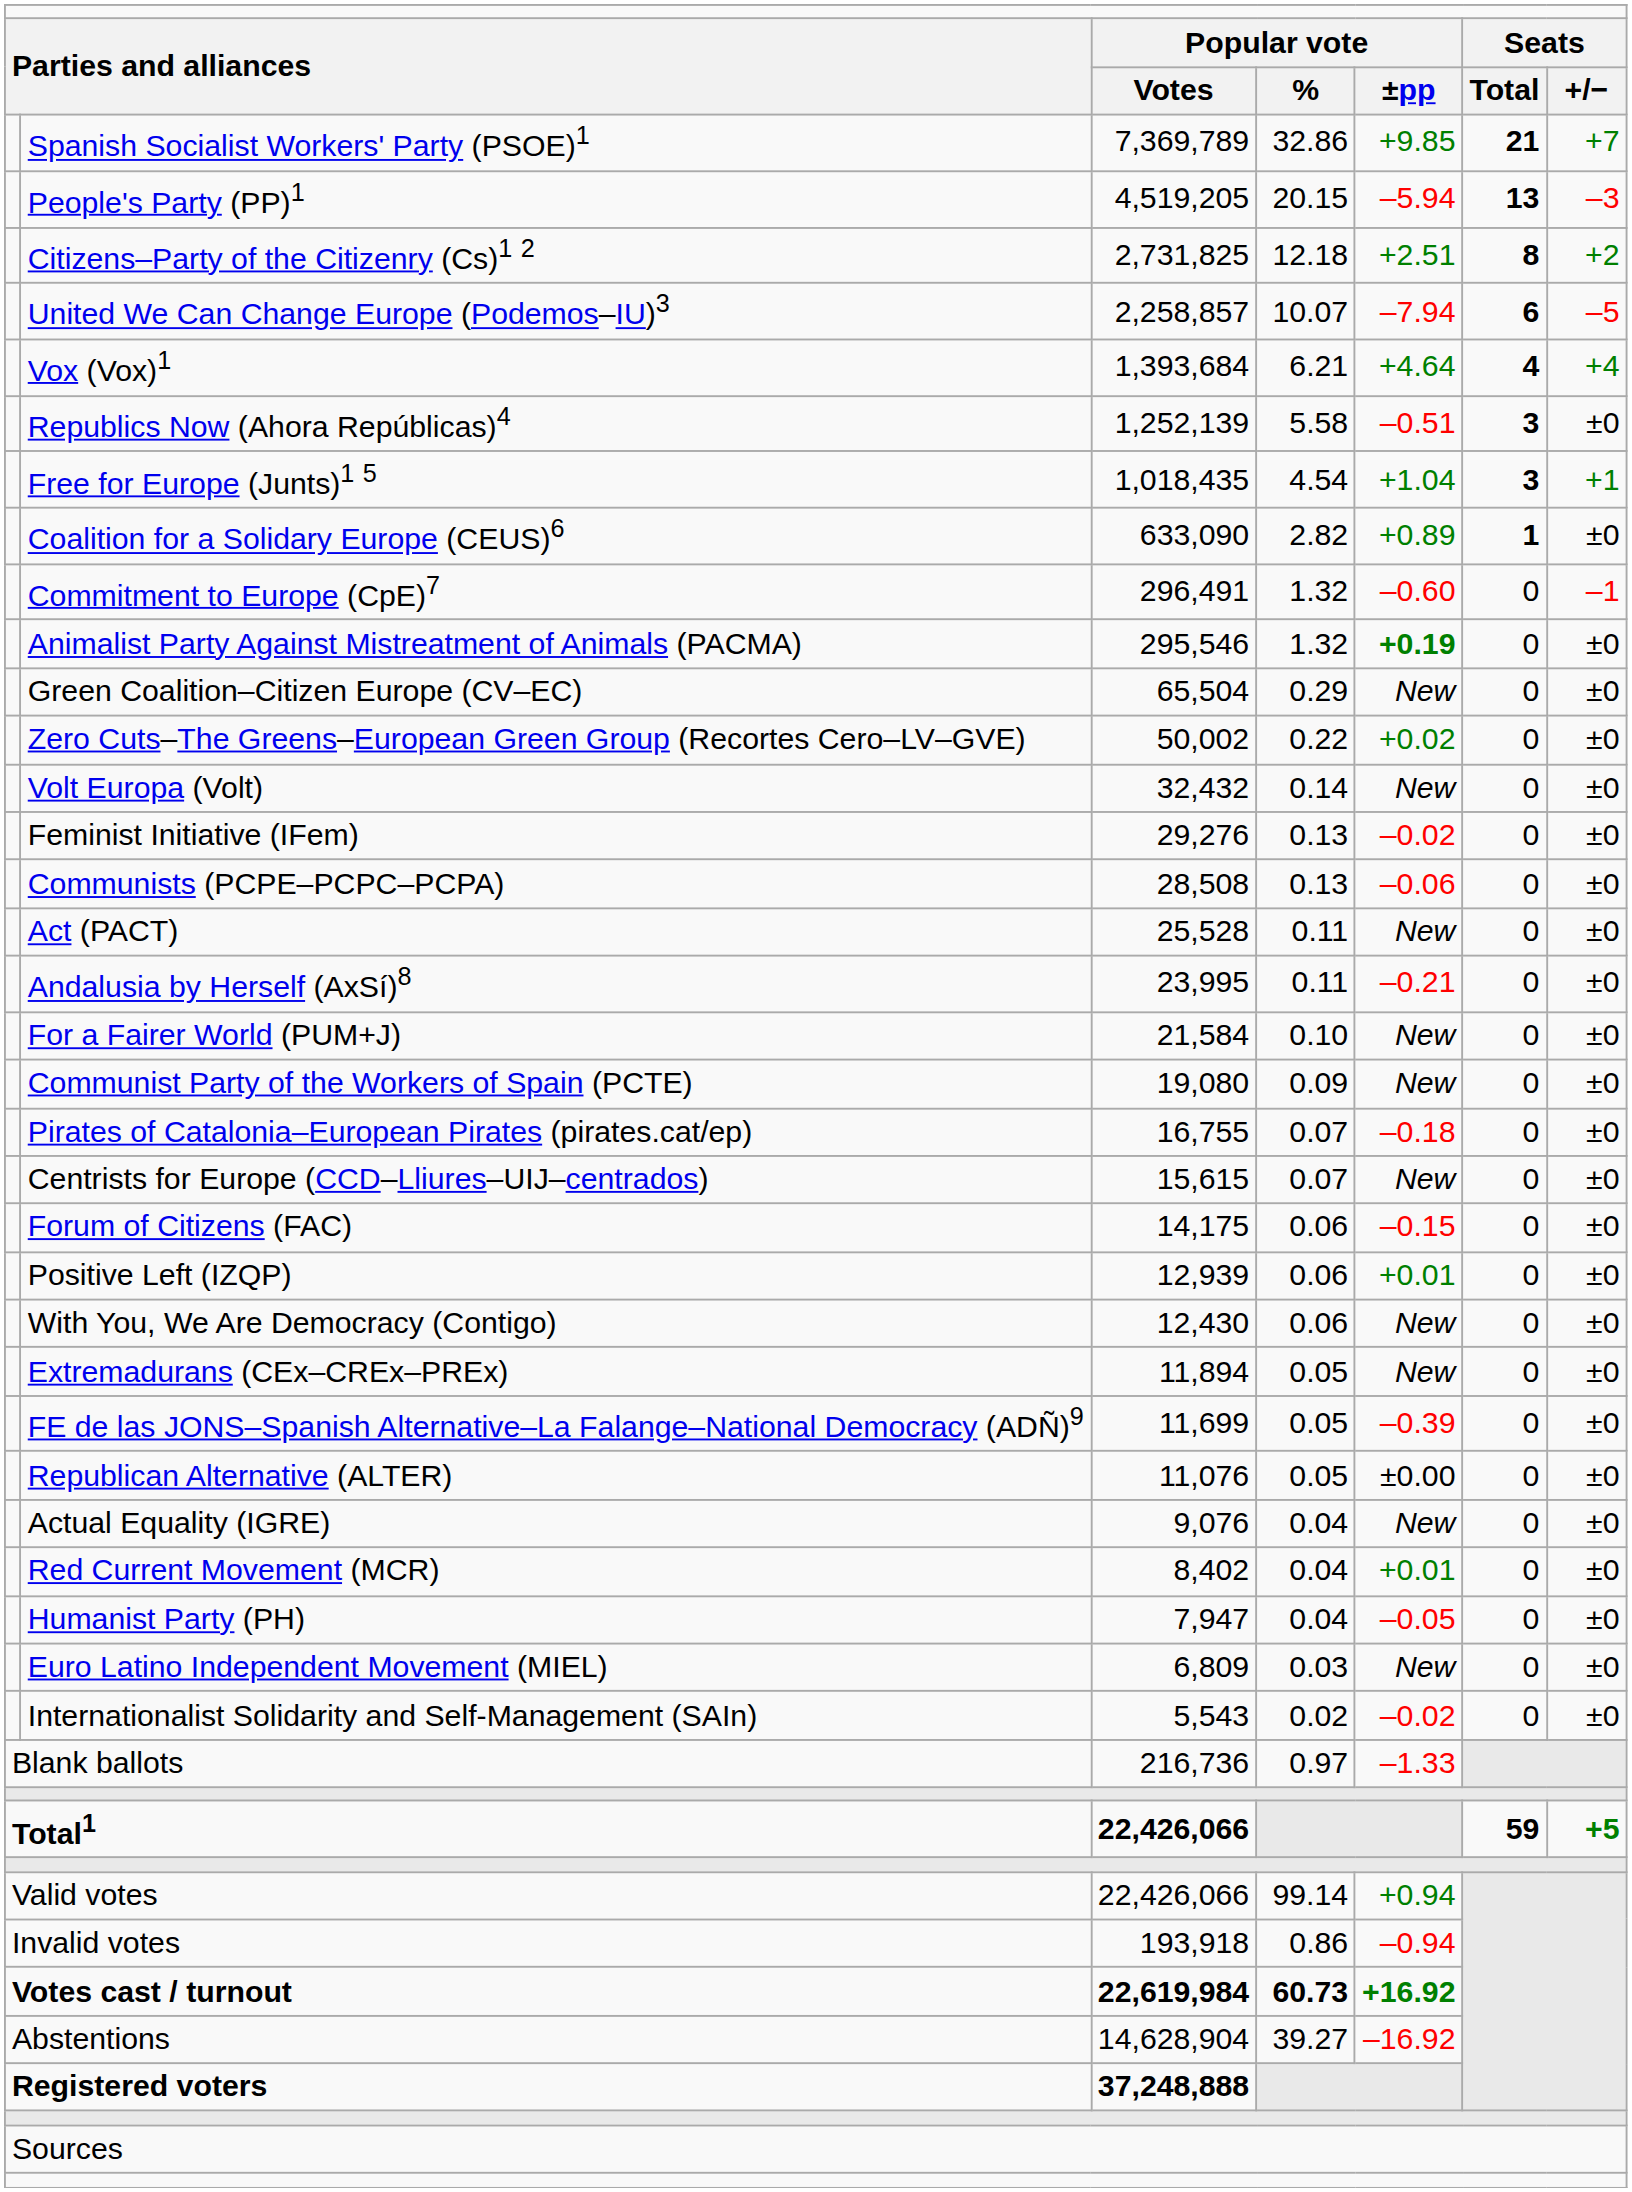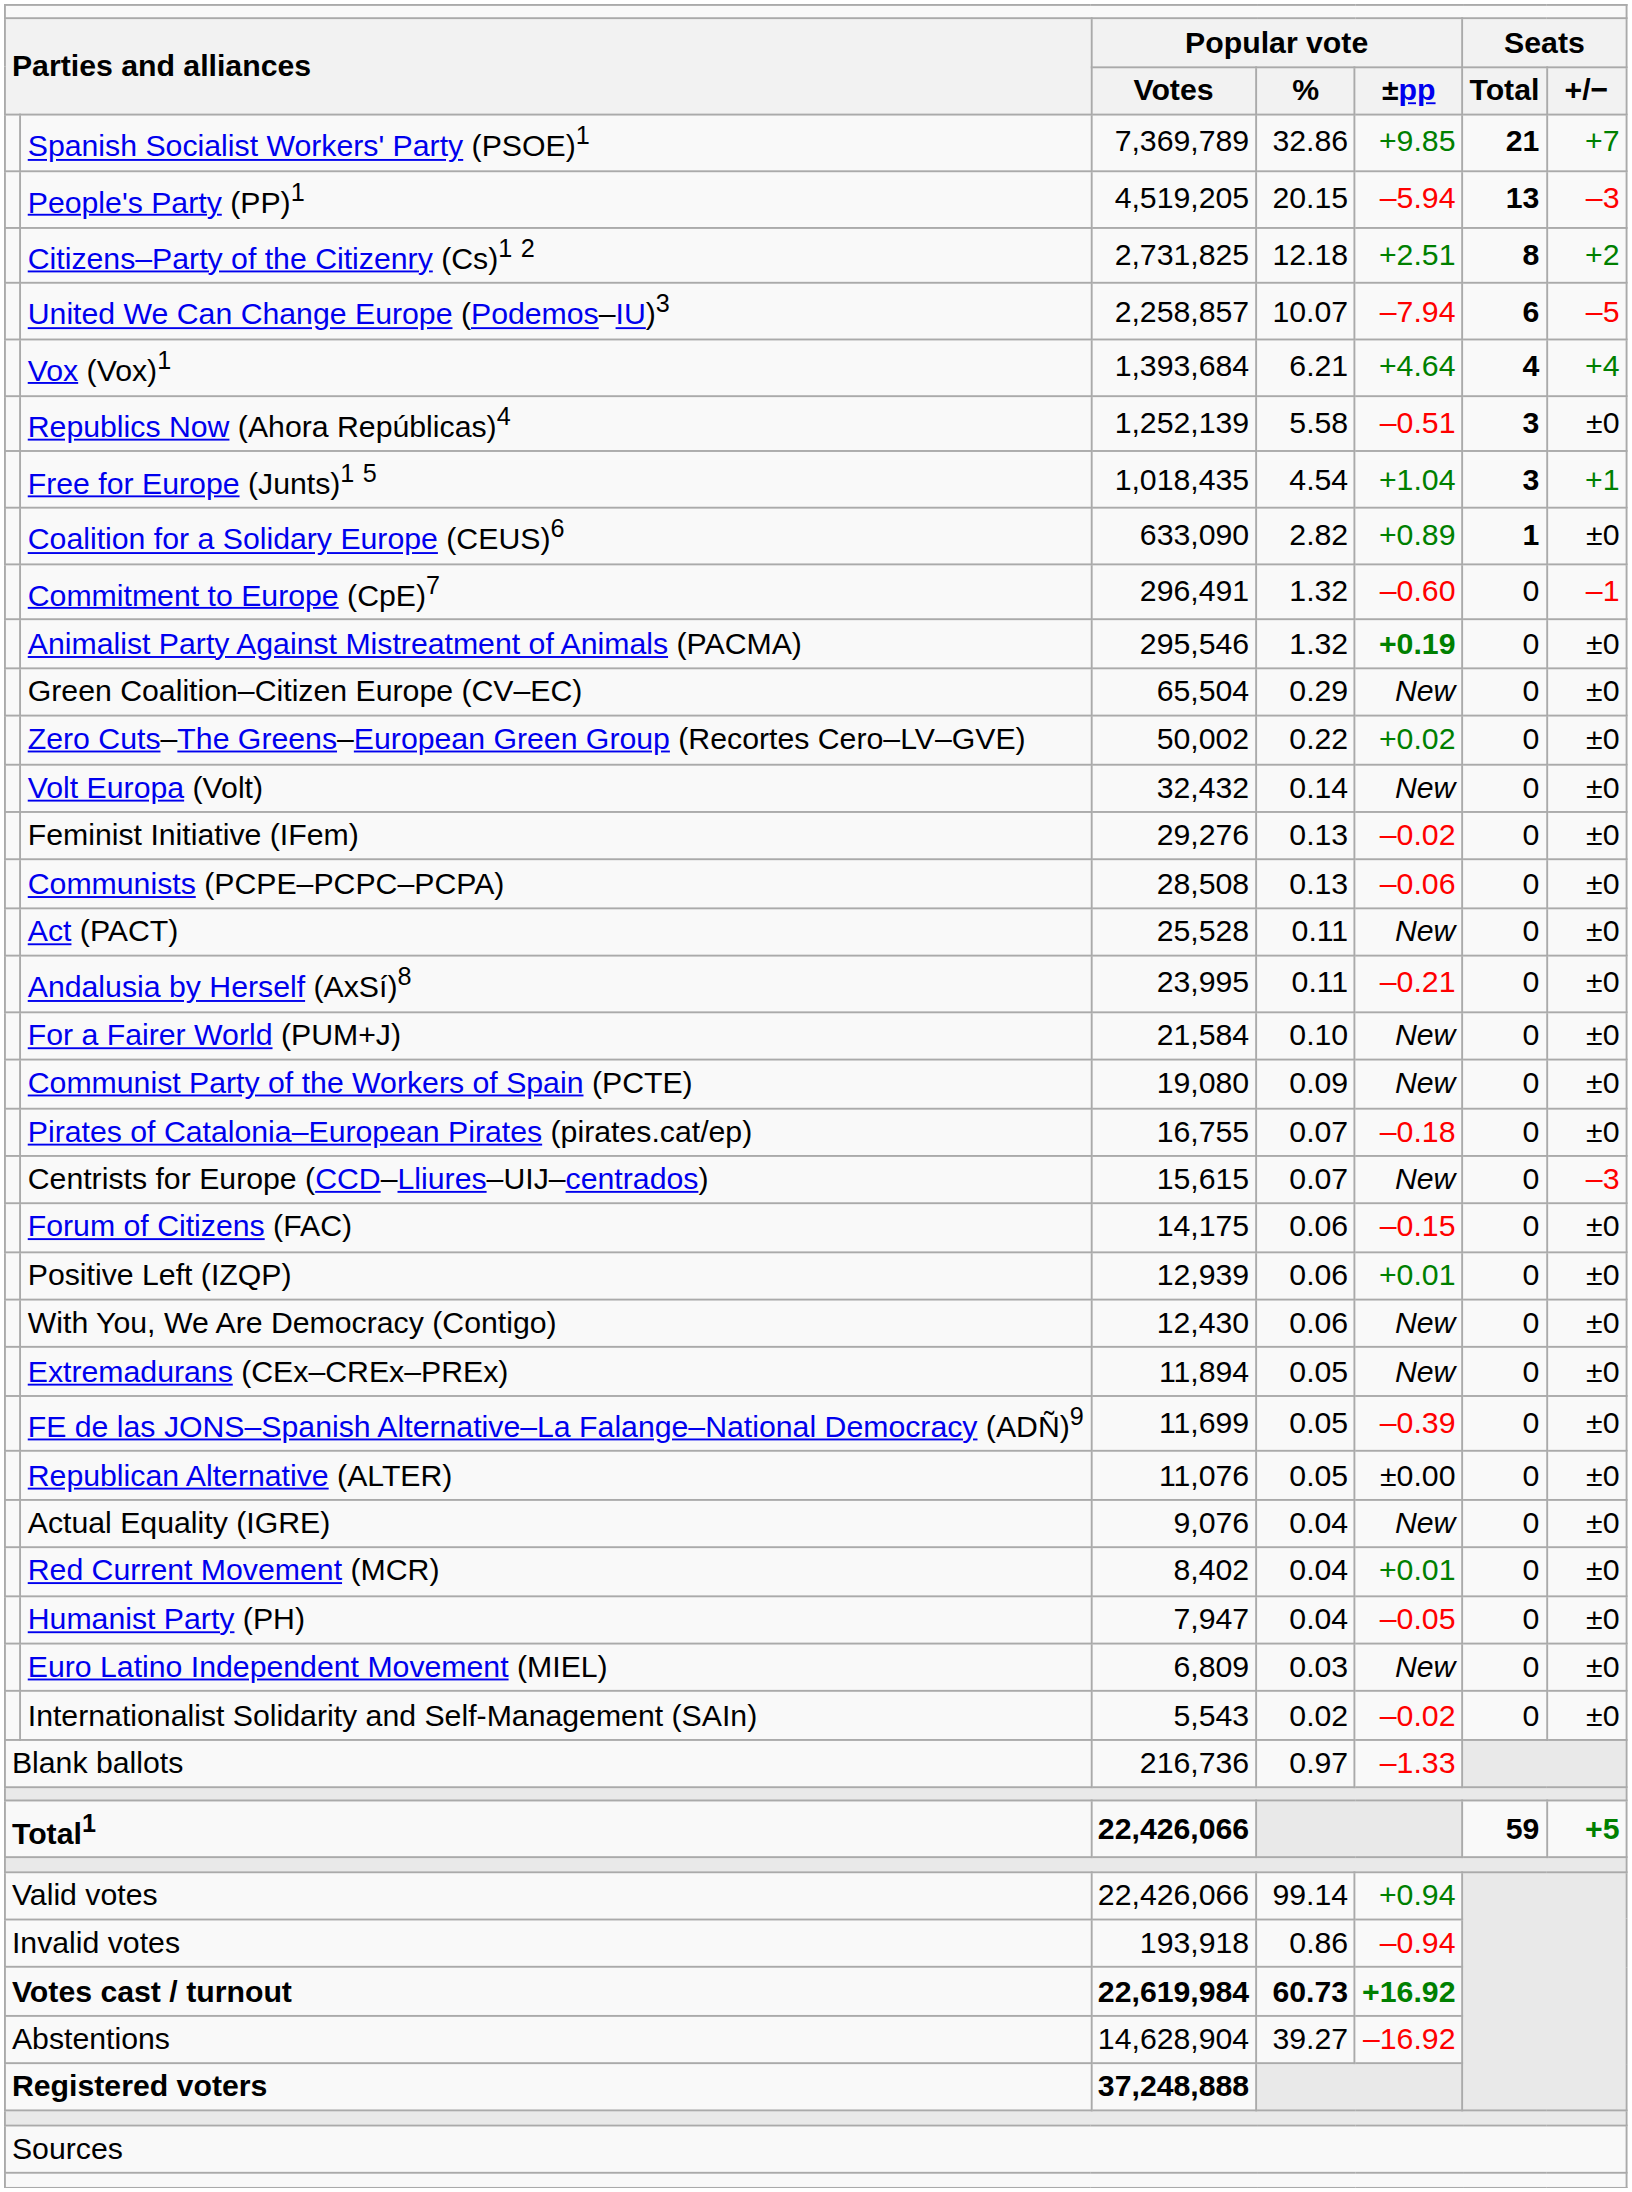 <table class="wikitable" style="text-align:right;">
 <tr>
 <td colspan="7"></td>
 </tr>
 <tr>
 <th style="text-align:left;" rowspan="2" colspan="2" width="525">Parties and alliances</th>
 <th colspan="3">Popular vote</th>
 <th colspan="2">Seats</th>
 </tr>
 <tr>
 <th width="75">Votes</th>
 <th width="45">%</th>
 <th width="45">±<a href='#'>pp</a></th>
 <th width="35">Total</th>
 <th width="35">+/−</th>
 </tr>
 <tr>
 <td width="1" style="color:inherit;background:"></td>
 <td align="left"><a href='#'>Spanish Socialist Workers' Party</a> (PSOE)<sup>1</sup></td>
 <td>7,369,789</td>
 <td>32.86</td>
 <td style="color:green;">+9.85</td>
 <td><strong>21</strong></td>
 <td style="color:green;">+7</td>
 </tr>
 <tr>
 <td style="color:inherit;background:"></td>
 <td align="left"><a href='#'>People's Party</a> (PP)<sup>1</sup></td>
 <td>4,519,205</td>
 <td>20.15</td>
 <td style="color:red;">–5.94</td>
 <td><strong>13</strong></td>
 <td style="color:red;">–3</td>
 </tr>
 <tr>
 <td style="color:inherit;background:"></td>
 <td align="left"><a href='#'>Citizens–Party of the Citizenry</a> (Cs)<sup>1</sup> <sup>2</sup></td>
 <td>2,731,825</td>
 <td>12.18</td>
 <td style="color:green;">+2.51</td>
 <td><strong>8</strong></td>
 <td style="color:green;">+2</td>
 </tr>
 <tr>
 <td style="color:inherit;background:"></td>
 <td align="left"><a href='#'>United We Can Change Europe</a> (<a href='#'>Podemos</a>–<a href='#'>IU</a>)<sup>3</sup></td>
 <td>2,258,857</td>
 <td>10.07</td>
 <td style="color:red;">–7.94</td>
 <td><strong>6</strong></td>
 <td style="color:red;">–5</td>
 </tr>
 <tr>
 <td style="color:inherit;background:"></td>
 <td align="left"><a href='#'>Vox</a> (Vox)<sup>1</sup></td>
 <td>1,393,684</td>
 <td>6.21</td>
 <td style="color:green;">+4.64</td>
 <td><strong>4</strong></td>
 <td style="color:green;">+4</td>
 </tr>
 <tr>
 <td style="color:inherit;background:"></td>
 <td align="left"><a href='#'>Republics Now</a> (Ahora Repúblicas)<sup>4</sup></td>
 <td>1,252,139</td>
 <td>5.58</td>
 <td style="color:red;">–0.51</td>
 <td><strong>3</strong></td>
 <td>±0</td>
 </tr>
 <tr>
 <td style="color:inherit;background:"></td>
 <td align="left"><a href='#'>Free for Europe</a> (Junts)<sup>1</sup> <sup>5</sup></td>
 <td>1,018,435</td>
 <td>4.54</td>
 <td style="color:green;">+1.04</td>
 <td><strong>3</strong></td>
 <td style="color:green;">+1</td>
 </tr>
 <tr>
 <td style="color:inherit;background:"></td>
 <td align="left"><a href='#'>Coalition for a Solidary Europe</a> (CEUS)<sup>6</sup></td>
 <td>633,090</td>
 <td>2.82</td>
 <td style="color:green;">+0.89</td>
 <td><strong>1</strong></td>
 <td>±0</td>
 </tr>
 <tr>
 <td style="color:inherit;background:"></td>
 <td align="left"><a href='#'>Commitment to Europe</a> (CpE)<sup>7</sup></td>
 <td>296,491</td>
 <td>1.32</td>
 <td style="color:red;">–0.60</td>
 <td>0</td>
 <td style="color:red;">–1</td>
 </tr>
 <tr>
 <td style="color:inherit;background:"></td>
 <td align="left"><a href='#'>Animalist Party Against Mistreatment of Animals</a> (PACMA)</td>
 <td>295,546</td>
 <td>1.32</td>
 <td style="color:green;"><strong>+0.19</strong></td>
 <td>0</td>
 <td>±0</td>
 </tr>
 <tr>
 <td style="color:inherit;background:"></td>
 <td align="left">Green Coalition–Citizen Europe (CV–EC)</td>
 <td>65,504</td>
 <td>0.29</td>
 <td><em>New</em></td>
 <td>0</td>
 <td>±0</td>
 </tr>
 <tr>
 <td style="color:inherit;background:"></td>
 <td align="left"><a href='#'>Zero Cuts</a>–<a href='#'>The Greens</a>–<a href='#'>European Green Group</a> (Recortes Cero–LV–GVE)</td>
 <td>50,002</td>
 <td>0.22</td>
 <td style="color:green;">+0.02</td>
 <td>0</td>
 <td>±0</td>
 </tr>
 <tr>
 <td style="color:inherit;background:"></td>
 <td align="left"><a href='#'>Volt Europa</a> (Volt)</td>
 <td>32,432</td>
 <td>0.14</td>
 <td><em>New</em></td>
 <td>0</td>
 <td>±0</td>
 </tr>
 <tr>
 <td style="color:inherit;background:"></td>
 <td align="left">Feminist Initiative (IFem)</td>
 <td>29,276</td>
 <td>0.13</td>
 <td style="color:red;">–0.02</td>
 <td>0</td>
 <td>±0</td>
 </tr>
 <tr>
 <td style="color:inherit;background:"></td>
 <td align="left"><a href='#'>Communists</a> (PCPE–PCPC–PCPA)</td>
 <td>28,508</td>
 <td>0.13</td>
 <td style="color:red;">–0.06</td>
 <td>0</td>
 <td>±0</td>
 </tr>
 <tr>
 <td style="color:inherit;background:"></td>
 <td align="left"><a href='#'>Act</a> (PACT)</td>
 <td>25,528</td>
 <td>0.11</td>
 <td><em>New</em></td>
 <td>0</td>
 <td>±0</td>
 </tr>
 <tr>
 <td style="color:inherit;background:"></td>
 <td align="left"><a href='#'>Andalusia by Herself</a> (AxSí)<sup>8</sup></td>
 <td>23,995</td>
 <td>0.11</td>
 <td style="color:red;">–0.21</td>
 <td>0</td>
 <td>±0</td>
 </tr>
 <tr>
 <td style="color:inherit;background:"></td>
 <td align="left"><a href='#'>For a Fairer World</a> (PUM+J)</td>
 <td>21,584</td>
 <td>0.10</td>
 <td><em>New</em></td>
 <td>0</td>
 <td>±0</td>
 </tr>
 <tr>
 <td style="color:inherit;background:"></td>
 <td align="left"><a href='#'>Communist Party of the Workers of Spain</a> (PCTE)</td>
 <td>19,080</td>
 <td>0.09</td>
 <td><em>New</em></td>
 <td>0</td>
 <td>±0</td>
 </tr>
 <tr>
 <td style="color:inherit;background:"></td>
 <td align="left"><a href='#'>Pirates of Catalonia–European Pirates</a> (pirates.cat/ep)</td>
 <td>16,755</td>
 <td>0.07</td>
 <td style="color:red;">–0.18</td>
 <td>0</td>
 <td>±0</td>
 </tr>
 <tr>
 <td style="color:inherit;background:"></td>
 <td align="left">Centrists for Europe (<a href='#'>CCD</a>–<a href='#'>Lliures</a>–UIJ–<a href='#'>centrados</a>)</td>
 <td>15,615</td>
 <td>0.07</td>
 <td><em>New</em></td>
 <td>0</td>
-<td>±0</td>
+<td style="color:red;">–3</td>
 </tr>
 <tr>
 <td style="color:inherit;background:"></td>
 <td align="left"><a href='#'>Forum of Citizens</a> (FAC)</td>
 <td>14,175</td>
 <td>0.06</td>
 <td style="color:red;">–0.15</td>
 <td>0</td>
 <td>±0</td>
 </tr>
 <tr>
 <td style="color:inherit;background:"></td>
 <td align="left">Positive Left (IZQP)</td>
 <td>12,939</td>
 <td>0.06</td>
 <td style="color:green;">+0.01</td>
 <td>0</td>
 <td>±0</td>
 </tr>
 <tr>
 <td style="color:inherit;background:"></td>
 <td align="left">With You, We Are Democracy (Contigo)</td>
 <td>12,430</td>
 <td>0.06</td>
 <td><em>New</em></td>
 <td>0</td>
 <td>±0</td>
 </tr>
 <tr>
 <td style="color:inherit;background:"></td>
 <td align="left"><a href='#'>Extremadurans</a> (CEx–CREx–PREx)</td>
 <td>11,894</td>
 <td>0.05</td>
 <td><em>New</em></td>
 <td>0</td>
 <td>±0</td>
 </tr>
 <tr>
 <td style="color:inherit;background:"></td>
 <td align="left"><a href='#'>FE de las JONS–Spanish Alternative–La Falange–National Democracy</a> (ADÑ)<sup>9</sup></td>
 <td>11,699</td>
 <td>0.05</td>
 <td style="color:red;">–0.39</td>
 <td>0</td>
 <td>±0</td>
 </tr>
 <tr>
 <td style="color:inherit;background:"></td>
 <td align="left"><a href='#'>Republican Alternative</a> (ALTER)</td>
 <td>11,076</td>
 <td>0.05</td>
 <td>±0.00</td>
 <td>0</td>
 <td>±0</td>
 </tr>
 <tr>
 <td style="color:inherit;background:"></td>
 <td align="left">Actual Equality (IGRE)</td>
 <td>9,076</td>
 <td>0.04</td>
 <td><em>New</em></td>
 <td>0</td>
 <td>±0</td>
 </tr>
 <tr>
 <td style="color:inherit;background:"></td>
 <td align="left"><a href='#'>Red Current Movement</a> (MCR)</td>
 <td>8,402</td>
 <td>0.04</td>
 <td style="color:green;">+0.01</td>
 <td>0</td>
 <td>±0</td>
 </tr>
 <tr>
 <td style="color:inherit;background:"></td>
 <td align="left"><a href='#'>Humanist Party</a> (PH)</td>
 <td>7,947</td>
 <td>0.04</td>
 <td style="color:red;">–0.05</td>
 <td>0</td>
 <td>±0</td>
 </tr>
 <tr>
 <td style="color:inherit;background:"></td>
 <td align="left"><a href='#'>Euro Latino Independent Movement</a> (MIEL)</td>
 <td>6,809</td>
 <td>0.03</td>
 <td><em>New</em></td>
 <td>0</td>
 <td>±0</td>
 </tr>
 <tr>
 <td style="color:inherit;background:"></td>
 <td align="left">Internationalist Solidarity and Self-Management (SAIn)</td>
 <td>5,543</td>
 <td>0.02</td>
 <td style="color:red;">–0.02</td>
 <td>0</td>
 <td>±0</td>
 </tr>
 <tr>
 <td align="left" colspan="2">Blank ballots</td>
 <td>216,736</td>
 <td>0.97</td>
 <td style="color:red;">–1.33</td>
 <td bgcolor="#E9E9E9" colspan="2"></td>
 </tr>
 <tr>
 <td colspan="7" bgcolor="#E9E9E9"></td>
 </tr>
 <tr style="font-weight:bold;">
 <td align="left" colspan="2">Total<sup>1</sup></td>
 <td>22,426,066</td>
 <td bgcolor="#E9E9E9" colspan="2"></td>
 <td>59</td>
 <td style="color:green;">+5</td>
 </tr>
 <tr>
 <td colspan="7" bgcolor="#E9E9E9"></td>
 </tr>
 <tr>
 <td align="left" colspan="2">Valid votes</td>
 <td>22,426,066</td>
 <td>99.14</td>
 <td style="color:green;">+0.94</td>
 <td bgcolor="#E9E9E9" colspan="2" rowspan="5"></td>
 </tr>
 <tr>
 <td align="left" colspan="2">Invalid votes</td>
 <td>193,918</td>
 <td>0.86</td>
 <td style="color:red;">–0.94</td>
 </tr>
 <tr style="font-weight:bold;">
 <td align="left" colspan="2">Votes cast / turnout</td>
 <td>22,619,984</td>
 <td>60.73</td>
 <td style="color:green;">+16.92</td>
 </tr>
 <tr>
 <td align="left" colspan="2">Abstentions</td>
 <td>14,628,904</td>
 <td>39.27</td>
 <td style="color:red;">–16.92</td>
 </tr>
 <tr style="font-weight:bold;">
 <td align="left" colspan="2">Registered voters</td>
 <td>37,248,888</td>
 <td bgcolor="#E9E9E9" colspan="2"></td>
 </tr>
 <tr>
 <td colspan="7" bgcolor="#E9E9E9"></td>
 </tr>
 <tr>
 <td align="left" colspan="7">Sources</td>
 </tr>
 <tr>
 <td colspan="7" style="text-align:left; max-width:790px;"></td>
 </tr>
 </table>
